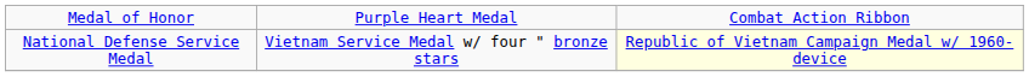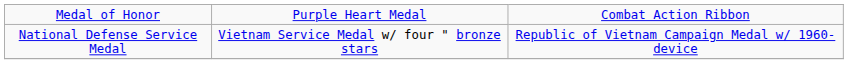 <table class="wikitable" style="margin:1em auto; text-align:center;">
 <tr>
 <td><a href='#'>Medal of Honor</a></td>
 <td><a href='#'>Purple Heart Medal</a></td>
 <td><a href='#'>Combat Action Ribbon</a></td>
 </tr>
 <tr>
 <td><a href='#'>National Defense Service Medal</a></td>
 <td><a href='#'>Vietnam Service Medal</a> w/ four " <a href='#'>bronze stars</a></td>
-<td style="background: lightyellow;"><a href='#'>Republic of Vietnam Campaign Medal w/ 1960- device</a></td>
+<td><a href='#'>Republic of Vietnam Campaign Medal w/ 1960- device</a></td>
 </tr>
 <tr>
 </tr>
 </table>
